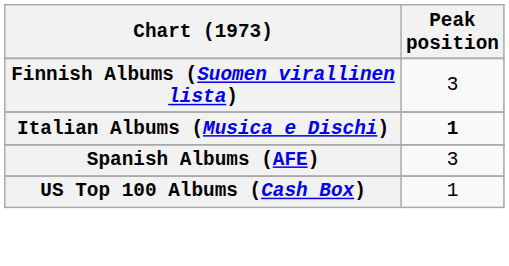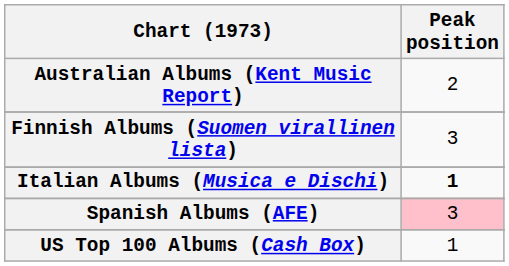 <table class="wikitable sortable plainrowheaders" style="text-align:center">
 <tr>
 <th style="width:20em;">Chart (1973)</th>
 <th scope="col">Peak<br>position</th>
+</tr>
+<tr>
+<th scope="row">Australian Albums (<a href='#'>Kent Music Report</a>)</th>
+<td style="text-align:center;">2</td>
 </tr>
 <tr>
 </tr>
 <tr>
 </tr>
 <tr>
 <th scope="row">Finnish Albums (<a href='#'><em>Suomen virallinen lista</em></a>)</th>
 <td style="text-align:center;">3</td>
 </tr>
 <tr>
 </tr>
 <tr>
 </tr>
 <tr>
 <th scope="row">Italian Albums (<em><a href='#'>Musica e Dischi</a></em>)</th>
 <td style="text-align:center"><strong>1</strong></td>
 </tr>
 <tr>
 </tr>
 <tr>
 <th scope="row">Spanish Albums (<a href='#'>AFE</a>)</th>
-<td align="center">3</td>
+<td align="center" style="background: pink;">3</td>
 </tr>
 <tr>
 </tr>
 <tr>
 </tr>
 <tr>
 <th scope="row">US Top 100 Albums (<em><a href='#'>Cash Box</a></em>)</th>
 <td>1</td>
 </tr>
 </table>
